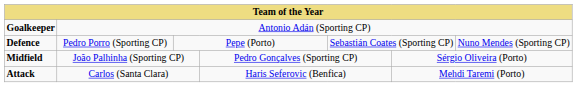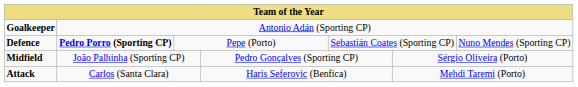 <table class="wikitable">
 <tr>
 <th colspan="7"style="background-color: #eedd82">Team of the Year</th>
 </tr>
 <tr>
 <td><strong>Goalkeeper</strong></td>
 <td colspan="6" align="center"> <a href='#'>Antonio Adán</a> (Sporting CP)</td>
 </tr>
 <tr>
 <td><strong>Defence</strong></td>
-<td align="center"> <a href='#'>Pedro Porro</a> (Sporting CP)</td>
+<td align="center"><strong> <a href='#'>Pedro Porro</a> (Sporting CP)</strong></td>
 <td colspan="2" align="center"> <a href='#'>Pepe</a> (Porto)</td>
 <td colspan="2" align="center"> <a href='#'>Sebastián Coates</a> (Sporting CP)</td>
 <td align="center"> <a href='#'>Nuno Mendes</a> (Sporting CP)</td>
 </tr>
 <tr>
 <td><strong>Midfield</strong></td>
 <td colspan="2" align="center"> <a href='#'>João Palhinha</a> (Sporting CP)</td>
 <td colspan="2" align="center"> <a href='#'>Pedro Gonçalves</a> (Sporting CP)</td>
 <td colspan="2" align="center"> <a href='#'>Sérgio Oliveira</a> (Porto)</td>
 </tr>
 <tr>
 <td><strong>Attack</strong></td>
 <td colspan="2" align="center"> <a href='#'>Carlos</a> (Santa Clara)</td>
 <td colspan="2" align="center"> <a href='#'>Haris Seferovic</a> (Benfica)</td>
 <td colspan="2" align="center"> <a href='#'>Mehdi Taremi</a> (Porto)</td>
 </tr>
 </table>
